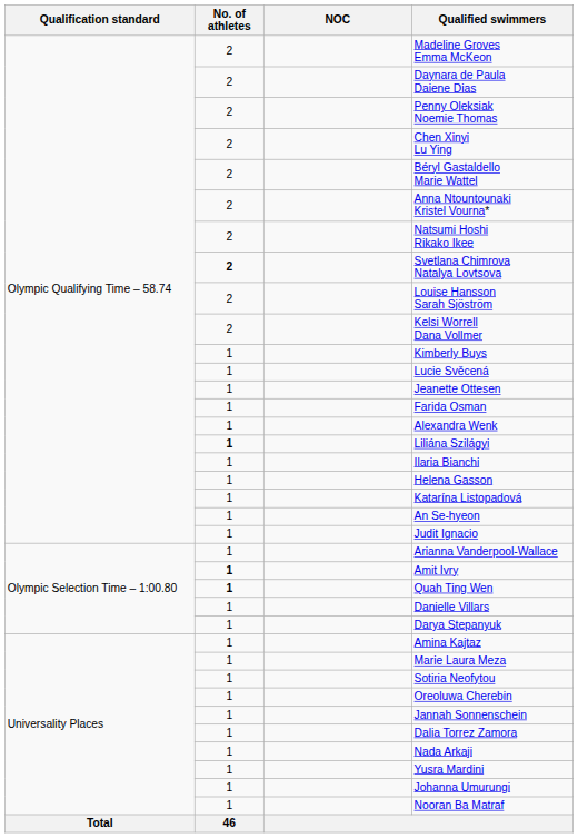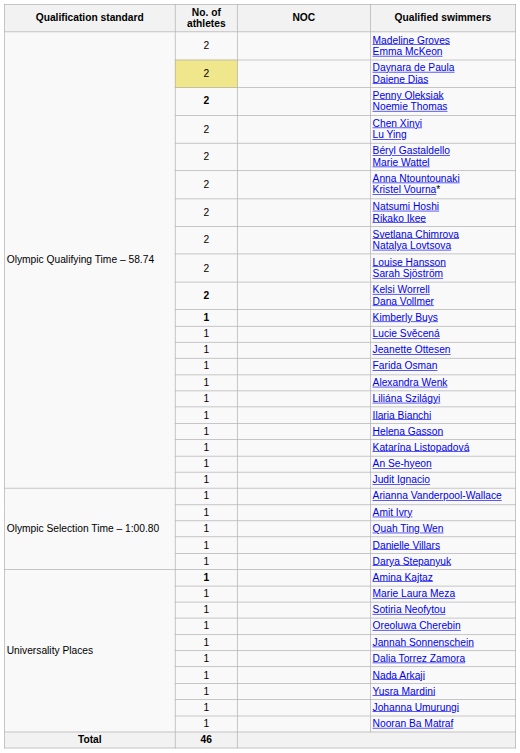 <table class=wikitable style="text-align:left" width=800>
 <tr>
 <th>Qualification standard</th>
 <th width=90>No. of athletes</th>
 <th width=200>NOC</th>
 <th>Qualified swimmers</th>
 </tr>
 <tr>
 <td rowspan="21">Olympic Qualifying Time – 58.74</td>
 <td align=center>2</td>
 <td></td>
 <td><a href='#'>Madeline Groves</a><br><a href='#'>Emma McKeon</a></td>
 </tr>
 <tr>
-<td align=center>2</td>
+<td align=center style="background: khaki;">2</td>
 <td></td>
 <td><a href='#'>Daynara de Paula</a><br><a href='#'>Daiene Dias</a></td>
 </tr>
 <tr>
-<td align=center>2</td>
+<td align=center><strong>2</strong></td>
 <td></td>
 <td><a href='#'>Penny Oleksiak</a><br><a href='#'>Noemie Thomas</a></td>
 </tr>
 <tr>
 <td align=center>2</td>
 <td></td>
 <td><a href='#'>Chen Xinyi</a><br><a href='#'>Lu Ying</a></td>
 </tr>
 <tr>
 <td align=center>2</td>
 <td></td>
 <td><a href='#'>Béryl Gastaldello</a><br><a href='#'>Marie Wattel</a></td>
 </tr>
 <tr>
 <td align=center>2</td>
 <td></td>
 <td><a href='#'>Anna Ntountounaki</a><br><a href='#'>Kristel Vourna</a>*</td>
 </tr>
 <tr>
 <td align=center>2</td>
 <td></td>
 <td><a href='#'>Natsumi Hoshi</a><br><a href='#'>Rikako Ikee</a></td>
 </tr>
 <tr>
-<td align=center><strong>2</strong></td>
+<td align=center>2</td>
 <td></td>
 <td><a href='#'>Svetlana Chimrova</a><br><a href='#'>Natalya Lovtsova</a></td>
 </tr>
 <tr>
 <td align=center>2</td>
 <td></td>
 <td><a href='#'>Louise Hansson</a><br><a href='#'>Sarah Sjöström</a></td>
 </tr>
 <tr>
-<td align=center>2</td>
+<td align=center><strong>2</strong></td>
 <td></td>
 <td><a href='#'>Kelsi Worrell</a><br><a href='#'>Dana Vollmer</a></td>
 </tr>
 <tr>
-<td align=center>1</td>
+<td align=center><strong>1</strong></td>
 <td></td>
 <td><a href='#'>Kimberly Buys</a></td>
 </tr>
 <tr>
 <td align=center>1</td>
 <td></td>
 <td><a href='#'>Lucie Svěcená</a></td>
 </tr>
 <tr>
 <td align=center>1</td>
 <td></td>
 <td><a href='#'>Jeanette Ottesen</a></td>
 </tr>
 <tr>
 <td align=center>1</td>
 <td></td>
 <td><a href='#'>Farida Osman</a></td>
 </tr>
 <tr>
 <td align=center>1</td>
 <td></td>
 <td><a href='#'>Alexandra Wenk</a></td>
 </tr>
 <tr>
-<td align=center><strong>1</strong></td>
+<td align=center>1</td>
 <td></td>
 <td><a href='#'>Liliána Szilágyi</a></td>
 </tr>
 <tr>
 <td align=center>1</td>
 <td></td>
 <td><a href='#'>Ilaria Bianchi</a></td>
 </tr>
 <tr>
 <td align=center>1</td>
 <td></td>
 <td><a href='#'>Helena Gasson</a></td>
 </tr>
 <tr>
 <td align=center>1</td>
 <td></td>
 <td><a href='#'>Katarína Listopadová</a></td>
 </tr>
 <tr>
 <td align=center>1</td>
 <td></td>
 <td><a href='#'>An Se-hyeon</a></td>
 </tr>
 <tr>
 <td align=center>1</td>
 <td></td>
 <td><a href='#'>Judit Ignacio</a></td>
 </tr>
 <tr>
 <td rowspan=5>Olympic Selection Time – 1:00.80</td>
 <td align=center>1</td>
 <td></td>
 <td><a href='#'>Arianna Vanderpool-Wallace</a></td>
 </tr>
 <tr>
-<td align=center><strong>1</strong></td>
+<td align=center>1</td>
 <td></td>
 <td><a href='#'>Amit Ivry</a></td>
 </tr>
 <tr>
-<td align=center><strong>1</strong></td>
+<td align=center>1</td>
 <td></td>
 <td><a href='#'>Quah Ting Wen</a></td>
 </tr>
 <tr>
 <td align=center>1</td>
 <td></td>
 <td><a href='#'>Danielle Villars</a></td>
 </tr>
 <tr>
 <td align=center>1</td>
 <td></td>
 <td><a href='#'>Darya Stepanyuk</a></td>
 </tr>
 <tr>
 <td rowspan=10>Universality Places</td>
-<td align=center>1</td>
+<td align=center><strong>1</strong></td>
 <td></td>
 <td><a href='#'>Amina Kajtaz</a></td>
 </tr>
 <tr>
 <td align=center>1</td>
 <td></td>
 <td><a href='#'>Marie Laura Meza</a></td>
 </tr>
 <tr>
 <td align=center>1</td>
 <td></td>
 <td><a href='#'>Sotiria Neofytou</a></td>
 </tr>
 <tr>
 <td align=center>1</td>
 <td></td>
 <td><a href='#'>Oreoluwa Cherebin</a></td>
 </tr>
 <tr>
 <td align=center>1</td>
 <td></td>
 <td><a href='#'>Jannah Sonnenschein</a></td>
 </tr>
 <tr>
 <td align=center>1</td>
 <td></td>
 <td><a href='#'>Dalia Torrez Zamora</a></td>
 </tr>
 <tr>
 <td align=center>1</td>
 <td></td>
 <td><a href='#'>Nada Arkaji</a></td>
 </tr>
 <tr>
 <td align=center>1</td>
 <td></td>
 <td><a href='#'>Yusra Mardini</a></td>
 </tr>
 <tr>
 <td align=center>1</td>
 <td></td>
 <td><a href='#'>Johanna Umurungi</a></td>
 </tr>
 <tr>
 <td align=center>1</td>
 <td></td>
 <td><a href='#'>Nooran Ba Matraf</a></td>
 </tr>
 <tr>
 <th><strong>Total</strong></th>
 <th>46</th>
 <th colspan=2></th>
 </tr>
 </table>
